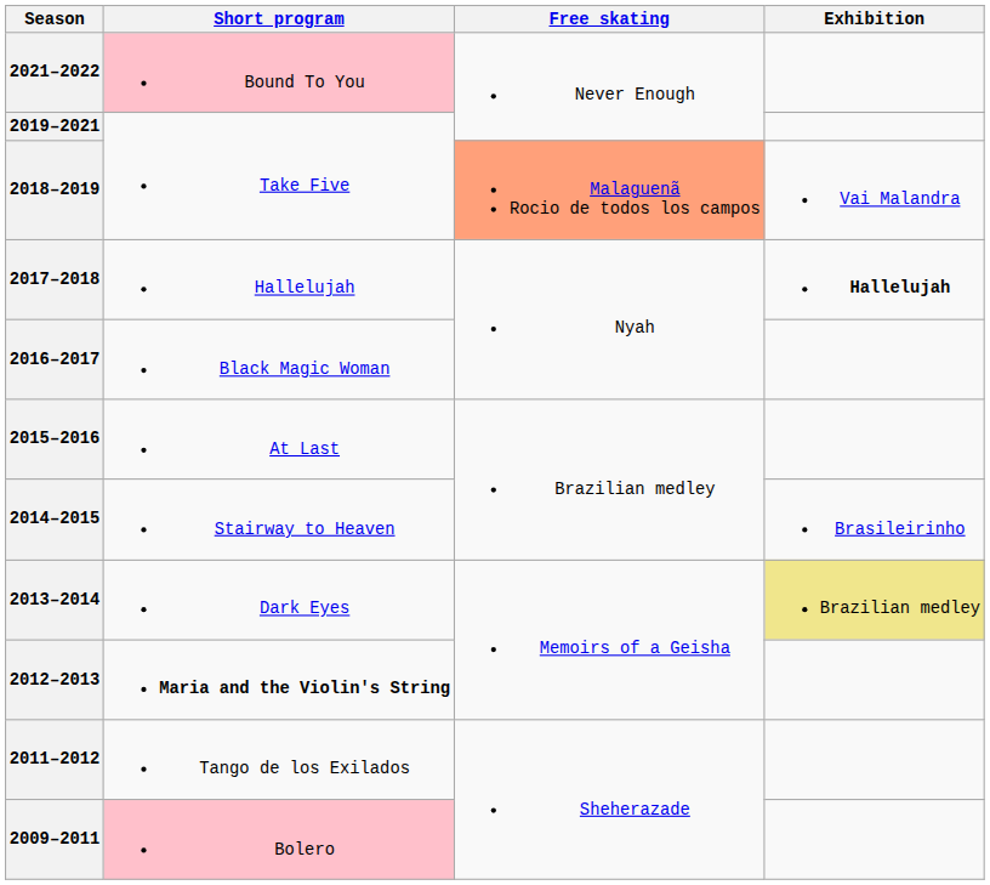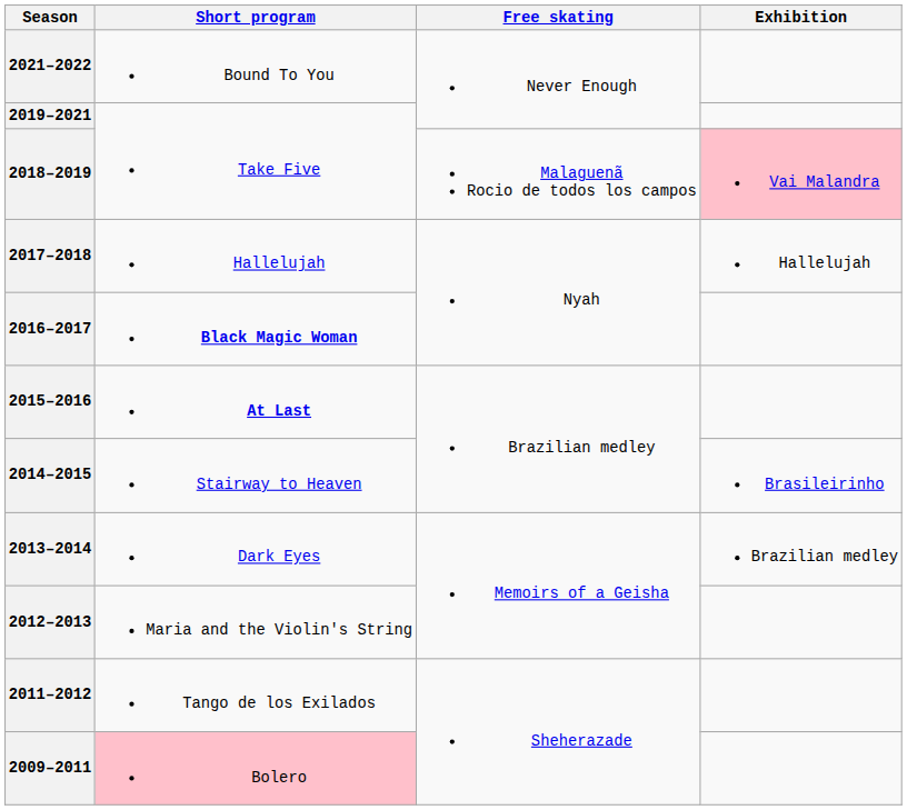 <table class="wikitable" style="text-align:center">
 <tr>
 <th>Season</th>
 <th><a href='#'>Short program</a></th>
 <th><a href='#'>Free skating</a></th>
 <th>Exhibition</th>
 </tr>
 <tr>
 <th>2021–2022 <br> </th>
-<td style="background: pink;"><br><ul><li>Bound To You <br> </li></ul></td>
+<td><br><ul><li>Bound To You <br> </li></ul></td>
 <td rowspan=2><br><ul><li>Never Enough <br></li></ul></td>
 <td></td>
 </tr>
 <tr>
 <th>2019–2021</th>
 <td rowspan=2><br><ul><li><a href='#'>Take Five</a> <br></li></ul></td>
 <td></td>
 </tr>
 <tr>
 <th>2018–2019 <br> </th>
-<td style="background: lightsalmon;"><br><ul><li><a href='#'>Malaguenã</a> <br></li><li>Rocio de todos los campos <br></li></ul></td>
-<td><br><ul><li><a href='#'>Vai Malandra</a> <br></li></ul></td>
+<td><br><ul><li><a href='#'>Malaguenã</a> <br></li><li>Rocio de todos los campos <br></li></ul></td>
+<td style="background: pink;"><br><ul><li><a href='#'>Vai Malandra</a> <br></li></ul></td>
 </tr>
 <tr>
 <th>2017–2018 <br> </th>
 <td><br><ul><li><a href='#'>Hallelujah</a> <br></li></ul></td>
 <td rowspan=2><br><ul><li>Nyah <br></li></ul></td>
-<td><strong><br><ul><li>Hallelujah <br></li></ul></strong></td>
+<td><br><ul><li>Hallelujah <br></li></ul></td>
 </tr>
 <tr>
 <th>2016–2017 <br> </th>
-<td><br><ul><li><a href='#'>Black Magic Woman</a> <br></li></ul></td>
+<td><strong><br><ul><li><a href='#'>Black Magic Woman</a> <br></li></ul></strong></td>
 <td></td>
 </tr>
 <tr>
 <th>2015–2016 <br> </th>
-<td><br><ul><li><a href='#'>At Last</a> <br></li></ul></td>
+<td><strong><br><ul><li><a href='#'>At Last</a> <br></li></ul></strong></td>
 <td rowspan=2><br><ul><li>Brazilian medley <br></li></ul></td>
 <td></td>
 </tr>
 <tr>
 <th>2014–2015 <br> </th>
 <td><br><ul><li><a href='#'>Stairway to Heaven</a></li></ul></td>
 <td><br><ul><li><a href='#'>Brasileirinho</a></li></ul></td>
 </tr>
 <tr>
 <th>2013–2014 <br> </th>
 <td><br><ul><li><a href='#'>Dark Eyes</a> <br></li></ul></td>
 <td rowspan=2><br><ul><li><a href='#'>Memoirs of a Geisha</a> <br></li></ul></td>
-<td style="background: khaki;"><br><ul><li>Brazilian medley <br></li></ul></td>
+<td><br><ul><li>Brazilian medley <br></li></ul></td>
 </tr>
 <tr>
 <th>2012–2013 <br> </th>
-<td><strong><br><ul><li>Maria and the Violin's String <br></li></ul></strong></td>
+<td><br><ul><li>Maria and the Violin's String <br></li></ul></td>
 <td></td>
 </tr>
 <tr>
 <th>2011–2012 <br> </th>
 <td><br><ul><li>Tango de los Exilados <br></li></ul></td>
 <td rowspan=2><br><ul><li><a href='#'>Sheherazade</a> <br></li></ul></td>
 <td></td>
 </tr>
 <tr>
 <th>2009–2011 <br> </th>
 <td style="background: pink;"><br><ul><li>Bolero <br></li></ul></td>
 <td></td>
 </tr>
 </table>
